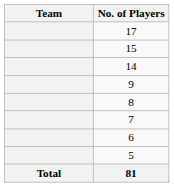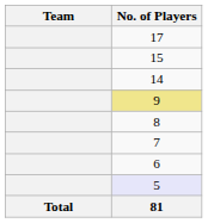 <table class="wikitable plainrowheaders" style="text-align:center">
 <tr>
 <th style="width:120px">Team</th>
 <th style="width:100px">No. of Players</th>
 </tr>
 <tr>
 <th scope=row></th>
 <td>17</td>
 </tr>
 <tr>
 <th scope=row></th>
 <td>15</td>
 </tr>
 <tr>
 <th scope=row></th>
 <td>14</td>
 </tr>
 <tr>
 <th scope=row></th>
-<td>9</td>
+<td style="background: khaki;">9</td>
 </tr>
 <tr>
 <th scope=row></th>
 <td>8</td>
 </tr>
 <tr>
 <th scope=row></th>
 <td>7</td>
 </tr>
 <tr>
 <th scope=row></th>
 <td>6</td>
 </tr>
 <tr>
 <th scope=row></th>
-<td>5</td>
+<td style="background: lavender;">5</td>
 </tr>
 <tr>
 <th>Total</th>
 <th>81</th>
 </tr>
 </table>
